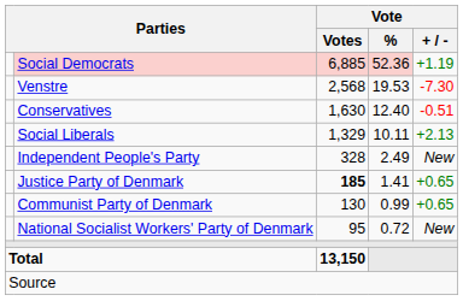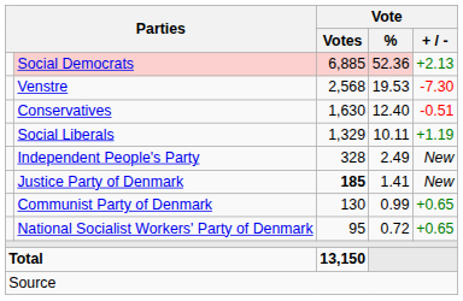 <table class="wikitable" style="text-align:right;">
 <tr>
 <th style="text-align:centre;" rowspan="2" colspan="2" width="225">Parties</th>
 <th colspan="3">Vote</th>
 </tr>
 <tr>
 <th width="15">Votes</th>
 <th width="15">%</th>
 <th width="15">+ / -</th>
 </tr>
 <tr>
 <td width="2" style="color:inherit;background:"></td>
 <td bgcolor=#fbd0ce  align="left"><a href='#'>Social Democrats</a></td>
 <td bgcolor=#fbd0ce>6,885</td>
 <td bgcolor=#fbd0ce>52.36</td>
-<td style=color:green;>+1.19</td>
+<td style=color:green;>+2.13</td>
 </tr>
 <tr>
 <td width="2" style="color:inherit;background:"></td>
 <td align="left"><a href='#'>Venstre</a></td>
 <td>2,568</td>
 <td>19.53</td>
 <td style=color:red;>-7.30</td>
 </tr>
 <tr>
 <td width="2" style="color:inherit;background:"></td>
 <td align="left"><a href='#'>Conservatives</a></td>
 <td>1,630</td>
 <td>12.40</td>
 <td style=color:red;>-0.51</td>
 </tr>
 <tr>
 <td width="2" style="color:inherit;background:"></td>
 <td align="left"><a href='#'>Social Liberals</a></td>
 <td>1,329</td>
 <td>10.11</td>
-<td style=color:green;>+2.13</td>
+<td style=color:green;>+1.19</td>
 </tr>
 <tr>
 <td width="2" style="color:inherit;background:"></td>
 <td align="left"><a href='#'>Independent People's Party</a></td>
 <td>328</td>
 <td>2.49</td>
 <td><em>New</em></td>
 </tr>
 <tr>
 <td width="2" style="color:inherit;background:"></td>
 <td align="left"><a href='#'>Justice Party of Denmark</a></td>
 <td><strong>185</strong></td>
 <td>1.41</td>
-<td style=color:green;>+0.65</td>
+<td><em>New</em></td>
 </tr>
 <tr>
 <td width="2" style="color:inherit;background:"></td>
 <td align="left"><a href='#'>Communist Party of Denmark</a></td>
 <td>130</td>
 <td>0.99</td>
 <td style=color:green;>+0.65</td>
 </tr>
 <tr>
 <td width="2" style="color:inherit;background:"></td>
 <td align="left"><a href='#'>National Socialist Workers' Party of Denmark</a></td>
 <td>95</td>
 <td>0.72</td>
-<td><em>New</em></td>
+<td style=color:green;>+0.65</td>
 </tr>
 <tr>
 <td colspan="7" bgcolor="#E9E9E9"></td>
 </tr>
 <tr>
 <td align="left" colspan="2"><strong>Total</strong></td>
 <td><strong>13,150</strong></td>
 <td bgcolor="#E9E9E9" colspan="2"></td>
 </tr>
 <tr>
 <td align="left" colspan="6">Source</td>
 </tr>
 </table>
